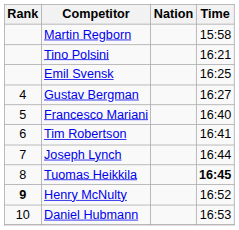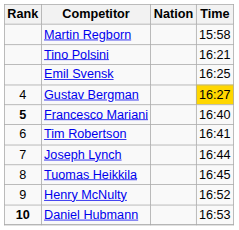 <table class="wikitable sortable" style="text-align:left">
 <tr>
 <th data-sort-type="number">Rank</th>
 <th class="unsortable">Competitor</th>
 <th>Nation</th>
 <th>Time</th>
 </tr>
 <tr>
 <td style="text-align:center"></td>
 <td><a href='#'>Martin Regborn</a></td>
 <td></td>
 <td style="text-align:right">15:58</td>
 </tr>
 <tr>
 <td style="text-align:center"></td>
 <td><a href='#'>Tino Polsini</a></td>
 <td></td>
 <td style="text-align:right">16:21</td>
 </tr>
 <tr>
 <td style="text-align:center"></td>
 <td><a href='#'>Emil Svensk</a></td>
 <td></td>
 <td style="text-align:right">16:25</td>
 </tr>
 <tr>
 <td style="text-align:center">4</td>
 <td><a href='#'>Gustav Bergman</a></td>
 <td></td>
-<td style="text-align:right">16:27</td>
+<td style="background: gold; text-align:right">16:27</td>
 </tr>
 <tr>
-<td style="text-align:center">5</td>
+<td style="text-align:center"><strong>5</strong></td>
 <td><a href='#'>Francesco Mariani</a></td>
 <td></td>
 <td style="text-align:right">16:40</td>
 </tr>
 <tr>
 <td style="text-align:center">6</td>
 <td><a href='#'>Tim Robertson</a></td>
 <td></td>
 <td style="text-align:right">16:41</td>
 </tr>
 <tr>
 <td style="text-align:center">7</td>
 <td><a href='#'>Joseph Lynch</a></td>
 <td></td>
 <td style="text-align:right">16:44</td>
 </tr>
 <tr>
 <td style="text-align:center">8</td>
 <td><a href='#'>Tuomas Heikkila</a></td>
 <td></td>
-<td style="text-align:right"><strong>16:45</strong></td>
+<td style="text-align:right">16:45</td>
 </tr>
 <tr>
-<td style="text-align:center"><strong>9</strong></td>
+<td style="text-align:center">9</td>
 <td><a href='#'>Henry McNulty</a></td>
 <td></td>
 <td style="text-align:right">16:52</td>
 </tr>
 <tr>
-<td style="text-align:center">10</td>
+<td style="text-align:center"><strong>10</strong></td>
 <td><a href='#'>Daniel Hubmann</a></td>
 <td></td>
 <td style="text-align:right">16:53</td>
 </tr>
 <tr>
 </tr>
 </table>
